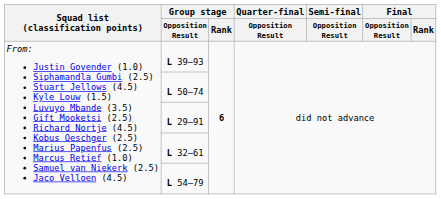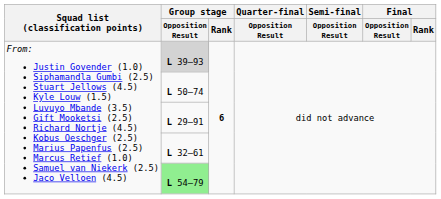 <table class=wikitable>
 <tr>
 <th rowspan="2">Squad list<br>(classification points)</th>
 <th colspan="2">Group stage</th>
 <th>Quarter-final</th>
 <th>Semi-final</th>
 <th colspan="2">Final</th>
 </tr>
 <tr>
 <th style="line-height:1em"><small>Opposition<br>Result</small></th>
 <th>Rank</th>
 <th style="line-height:1em"><small>Opposition<br>Result</small></th>
 <th style="line-height:1em"><small>Opposition<br>Result</small></th>
 <th style="line-height:1em"><small>Opposition<br>Result</small></th>
 <th>Rank</th>
 </tr>
 <tr>
 <td rowspan="5"><em>From:</em><br><ul><li><a href='#'>Justin Govender</a> (1.0)</li><li><a href='#'>Siphamandla Gumbi</a> (2.5)</li><li><a href='#'>Stuart Jellows</a> (4.5)</li><li><a href='#'>Kyle Louw</a> (1.5)</li><li><a href='#'>Luvuyo Mbande</a> (3.5)</li><li><a href='#'>Gift Mooketsi</a> (2.5)</li><li><a href='#'>Richard Nortje</a> (4.5)</li><li><a href='#'>Kobus Oeschger</a> (2.5)</li><li><a href='#'>Marius Papenfus</a> (2.5)</li><li><a href='#'>Marcus Retief</a> (1.0)</li><li><a href='#'>Samuel van Niekerk</a> (2.5)</li><li><a href='#'>Jaco Velloen</a> (4.5)</li></ul></td>
-<td style="text-align:center;"><br><strong>L</strong> 39–93</td>
+<td style="background: lightgrey; text-align:center;"><br><strong>L</strong> 39–93</td>
 <td style="text-align:center;" rowspan="5"><strong>6</strong></td>
 <td style="text-align:center;" rowspan="5" colspan="4">did not advance</td>
 </tr>
 <tr>
 <td style="text-align:center;"><br><strong>L</strong> 50–74</td>
 </tr>
 <tr>
 <td style="text-align:center;"><br><strong>L</strong> 29–91</td>
 </tr>
 <tr>
 <td style="text-align:center;"><br><strong>L</strong> 32–61</td>
 </tr>
 <tr>
-<td style="text-align:center;"><br><strong>L</strong> 54–79</td>
+<td style="background: lightgreen; text-align:center;"><br><strong>L</strong> 54–79</td>
 </tr>
 </table>
